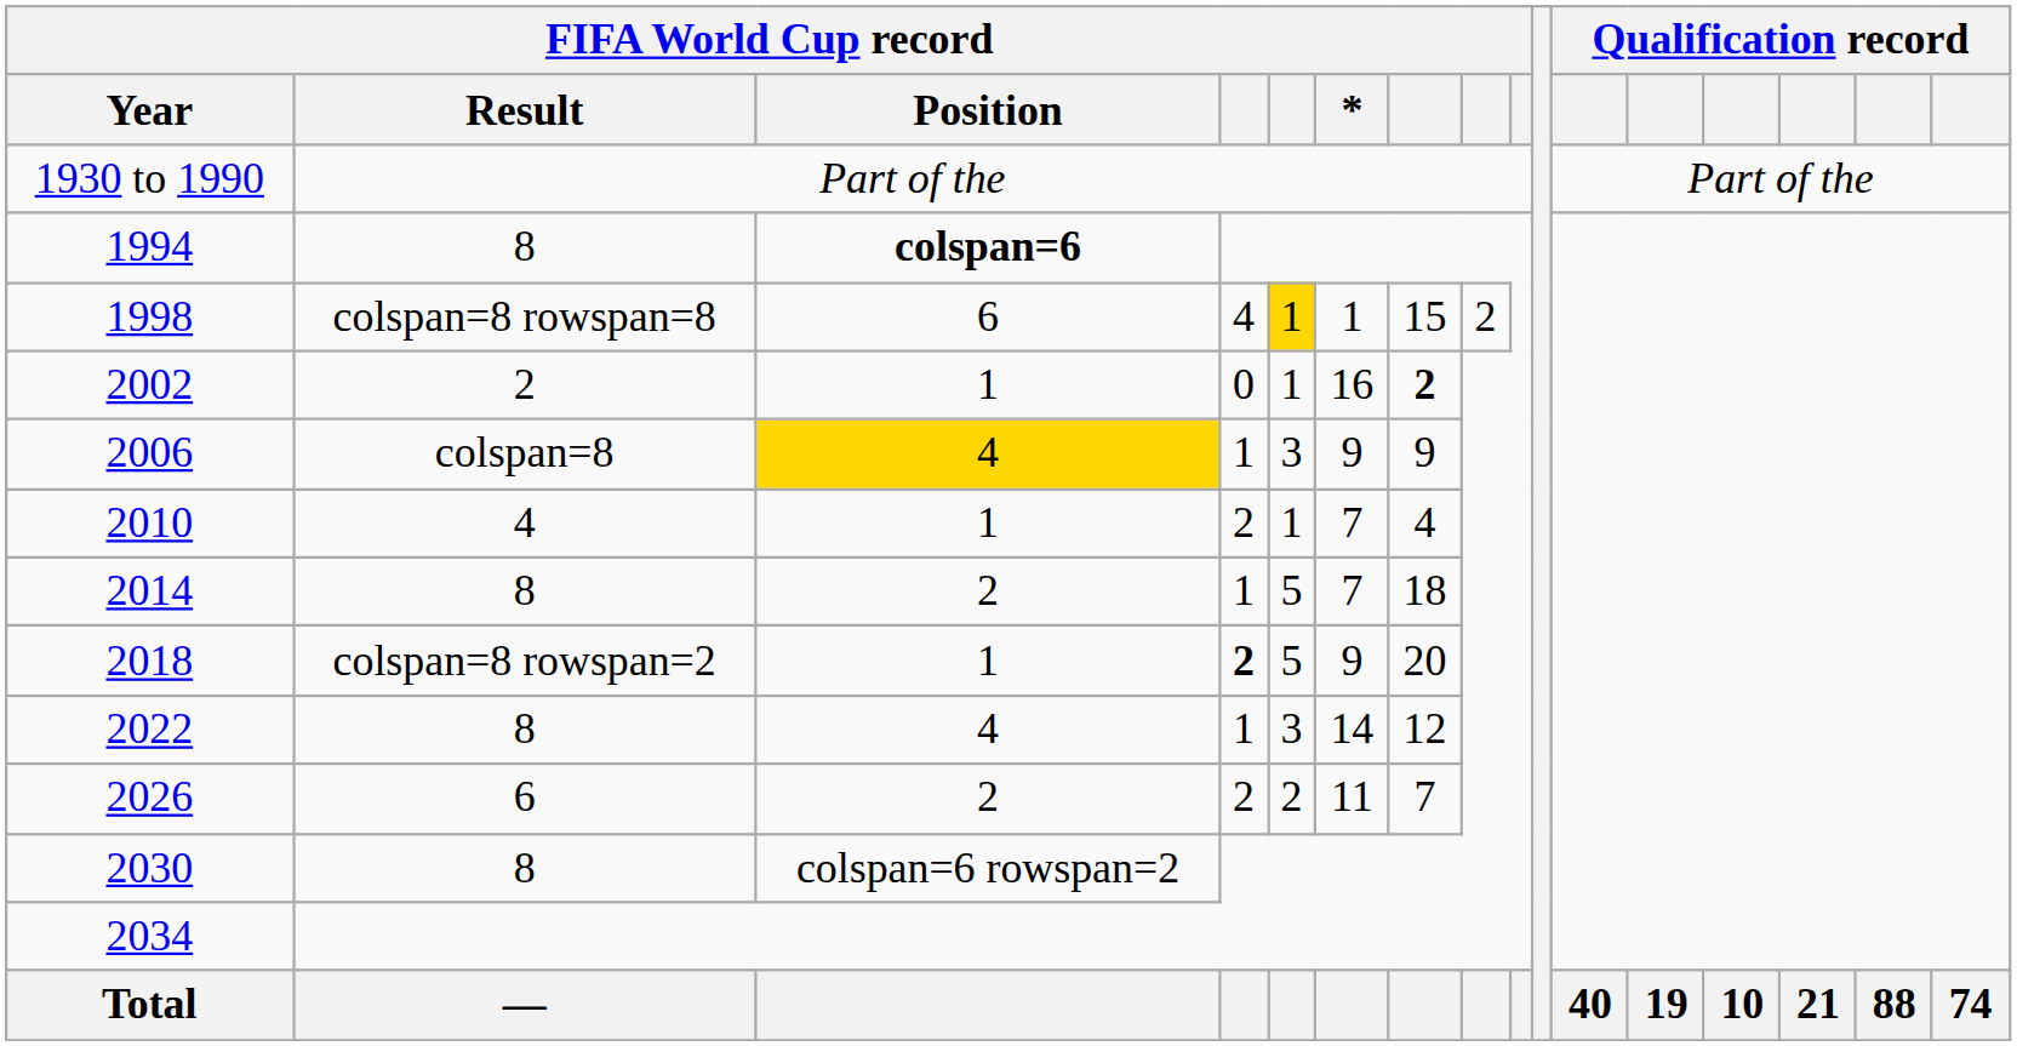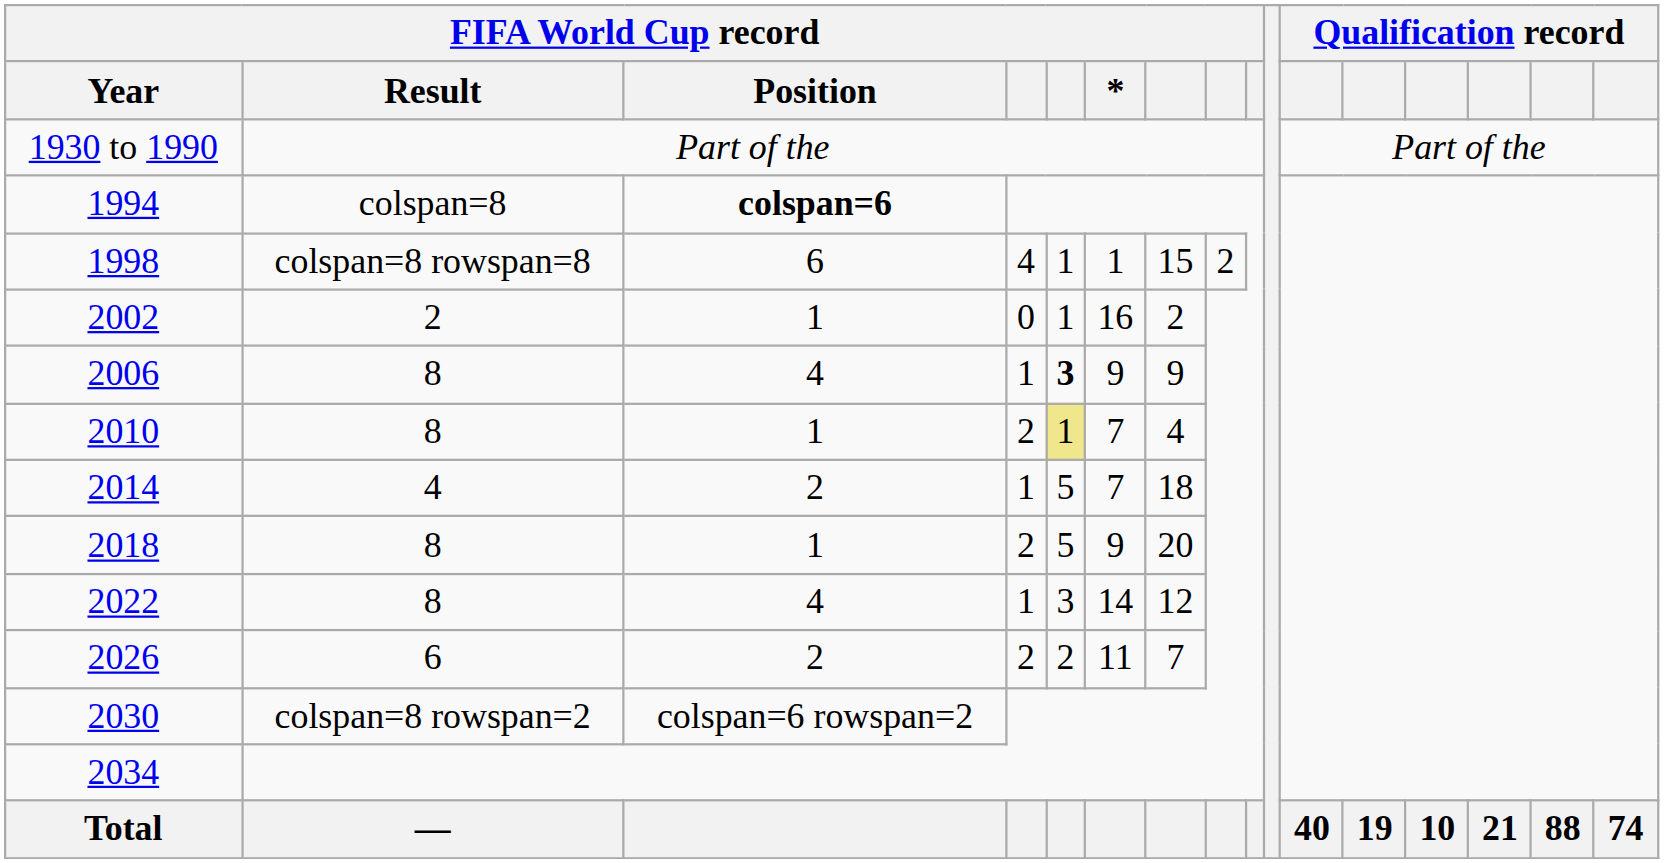 <table class="wikitable" style="text-align: center;">
 <tr>
 <th colspan=9><a href='#'>FIFA World Cup</a> record</th>
 <th style="width:1%;" rowspan=15></th>
 <th colspan=6><a href='#'>Qualification</a> record</th>
 </tr>
 <tr>
 <th>Year</th>
 <th>Result</th>
 <th>Position</th>
 <th></th>
 <th></th>
 <th>*</th>
 <th></th>
 <th></th>
 <th></th>
 <th></th>
 <th></th>
 <th></th>
 <th></th>
 <th></th>
 <th></th>
 </tr>
 <tr>
 <td> <a href='#'>1930</a> to  <a href='#'>1990</a></td>
 <td colspan=8><em>Part of the </em></td>
 <td colspan=6><em>Part of the </em></td>
 </tr>
 <tr>
 <td> <a href='#'>1994</a></td>
-<td>8</td>
+<td>colspan=8 </td>
 <td><strong>colspan=6 </strong></td>
 </tr>
 <tr>
 <td> <a href='#'>1998</a></td>
 <td>colspan=8 rowspan=8 </td>
 <td>6</td>
 <td>4</td>
-<td style="background: gold;">1</td>
+<td>1</td>
 <td>1</td>
 <td>15</td>
 <td>2</td>
 </tr>
 <tr>
 <td>  <a href='#'>2002</a></td>
 <td>2</td>
 <td>1</td>
 <td>0</td>
 <td>1</td>
 <td>16</td>
-<td><strong>2</strong></td>
+<td>2</td>
 </tr>
 <tr>
 <td> <a href='#'>2006</a></td>
-<td>colspan=8 </td>
-<td style="background: gold;">4</td>
+<td>8</td>
+<td>4</td>
 <td>1</td>
-<td>3</td>
+<td><strong>3</strong></td>
 <td>9</td>
 <td>9</td>
 </tr>
 <tr>
 <td> <a href='#'>2010</a></td>
-<td>4</td>
+<td>8</td>
 <td>1</td>
 <td>2</td>
-<td>1</td>
+<td style="background: khaki;">1</td>
 <td>7</td>
 <td>4</td>
 </tr>
 <tr>
 <td> <a href='#'>2014</a></td>
-<td>8</td>
+<td>4</td>
 <td>2</td>
 <td>1</td>
 <td>5</td>
 <td>7</td>
 <td>18</td>
 </tr>
 <tr>
 <td> <a href='#'>2018</a></td>
-<td>colspan=8 rowspan=2 </td>
+<td>8</td>
 <td>1</td>
-<td><strong>2</strong></td>
+<td>2</td>
 <td>5</td>
 <td>9</td>
 <td>20</td>
 </tr>
 <tr>
 <td> <a href='#'>2022</a></td>
 <td>8</td>
 <td>4</td>
 <td>1</td>
 <td>3</td>
 <td>14</td>
 <td>12</td>
 </tr>
 <tr>
 <td>   <a href='#'>2026</a></td>
 <td>6</td>
 <td>2</td>
 <td>2</td>
 <td>2</td>
 <td>11</td>
 <td>7</td>
 </tr>
 <tr>
 <td>   <a href='#'>2030</a></td>
-<td>8</td>
+<td>colspan=8 rowspan=2 </td>
 <td>colspan=6 rowspan=2 </td>
 </tr>
 <tr>
 <td> <a href='#'>2034</a></td>
 </tr>
 <tr>
 <th>Total</th>
 <th>—</th>
 <th></th>
 <th></th>
 <th></th>
 <th></th>
 <th></th>
 <th></th>
 <th></th>
 <th>40</th>
 <th>19</th>
 <th>10</th>
 <th>21</th>
 <th>88</th>
 <th>74</th>
 </tr>
 <tr>
 </tr>
 </table>
